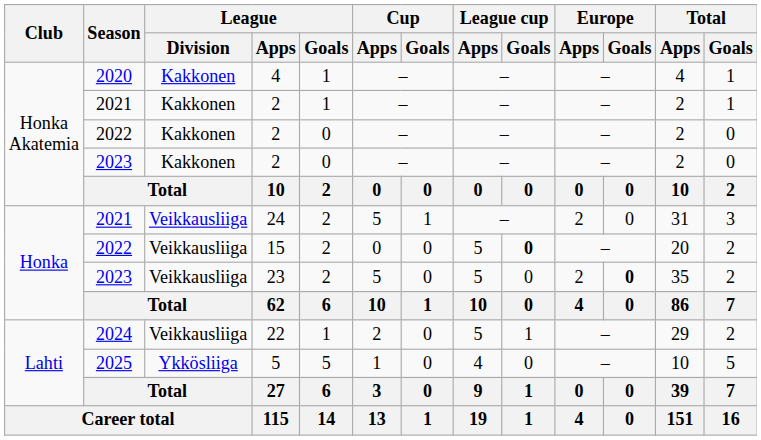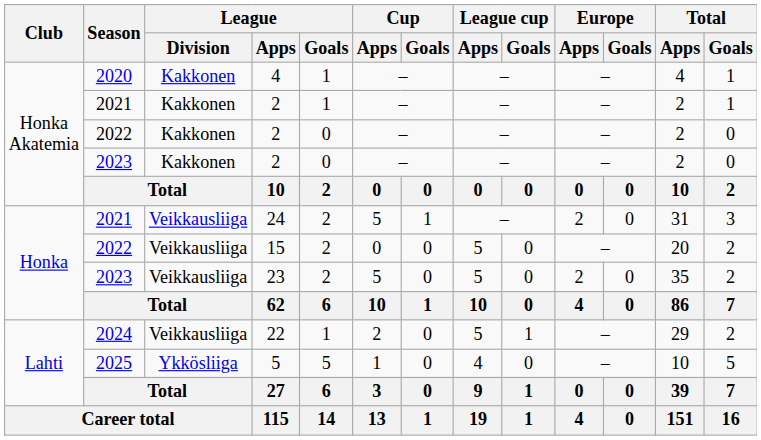 <table class="wikitable" style="text-align:center">
 <tr>
 <th rowspan="2">Club</th>
 <th rowspan="2">Season</th>
 <th colspan="3">League</th>
 <th colspan="2">Cup</th>
 <th colspan="2">League cup</th>
 <th colspan="2">Europe</th>
 <th colspan="2">Total</th>
 </tr>
 <tr>
 <th>Division</th>
 <th>Apps</th>
 <th>Goals</th>
 <th>Apps</th>
 <th>Goals</th>
 <th>Apps</th>
 <th>Goals</th>
 <th>Apps</th>
 <th>Goals</th>
 <th>Apps</th>
 <th>Goals</th>
 </tr>
 <tr>
 <td rowspan=5>Honka Akatemia</td>
 <td><a href='#'>2020</a></td>
 <td><a href='#'>Kakkonen</a></td>
 <td>4</td>
 <td>1</td>
 <td colspan=2>–</td>
 <td colspan=2>–</td>
 <td colspan=2>–</td>
 <td>4</td>
 <td>1</td>
 </tr>
 <tr>
 <td>2021</td>
 <td>Kakkonen</td>
 <td>2</td>
 <td>1</td>
 <td colspan=2>–</td>
 <td colspan=2>–</td>
 <td colspan=2>–</td>
 <td>2</td>
 <td>1</td>
 </tr>
 <tr>
 <td>2022</td>
 <td>Kakkonen</td>
 <td>2</td>
 <td>0</td>
 <td colspan=2>–</td>
 <td colspan=2>–</td>
 <td colspan=2>–</td>
 <td>2</td>
 <td>0</td>
 </tr>
 <tr>
 <td><a href='#'>2023</a></td>
 <td>Kakkonen</td>
 <td>2</td>
 <td>0</td>
 <td colspan=2>–</td>
 <td colspan=2>–</td>
 <td colspan=2>–</td>
 <td>2</td>
 <td>0</td>
 </tr>
 <tr>
 <th colspan=2>Total</th>
 <th>10</th>
 <th>2</th>
 <th>0</th>
 <th>0</th>
 <th>0</th>
 <th>0</th>
 <th>0</th>
 <th>0</th>
 <th>10</th>
 <th>2</th>
 </tr>
 <tr>
 <td rowspan=4><a href='#'>Honka</a></td>
 <td><a href='#'>2021</a></td>
 <td><a href='#'>Veikkausliiga</a></td>
 <td>24</td>
 <td>2</td>
 <td>5</td>
 <td>1</td>
 <td colspan=2>–</td>
 <td>2</td>
 <td>0</td>
 <td>31</td>
 <td>3</td>
 </tr>
 <tr>
 <td><a href='#'>2022</a></td>
 <td>Veikkausliiga</td>
 <td>15</td>
 <td>2</td>
 <td>0</td>
 <td>0</td>
 <td>5</td>
-<td><strong>0</strong></td>
+<td>0</td>
 <td colspan=2>–</td>
 <td>20</td>
 <td>2</td>
 </tr>
 <tr>
 <td><a href='#'>2023</a></td>
 <td>Veikkausliiga</td>
 <td>23</td>
 <td>2</td>
 <td>5</td>
 <td>0</td>
 <td>5</td>
 <td>0</td>
 <td>2</td>
-<td><strong>0</strong></td>
+<td>0</td>
 <td>35</td>
 <td>2</td>
 </tr>
 <tr>
 <th colspan=2>Total</th>
 <th>62</th>
 <th>6</th>
 <th>10</th>
 <th>1</th>
 <th>10</th>
 <th>0</th>
 <th>4</th>
 <th>0</th>
 <th>86</th>
 <th>7</th>
 </tr>
 <tr>
 <td rowspan=3><a href='#'>Lahti</a></td>
 <td><a href='#'>2024</a></td>
 <td>Veikkausliiga</td>
 <td>22</td>
 <td>1</td>
 <td>2</td>
 <td>0</td>
 <td>5</td>
 <td>1</td>
 <td colspan=2>–</td>
 <td>29</td>
 <td>2</td>
 </tr>
 <tr>
 <td><a href='#'>2025</a></td>
 <td><a href='#'>Ykkösliiga</a></td>
 <td>5</td>
 <td>5</td>
 <td>1</td>
 <td>0</td>
 <td>4</td>
 <td>0</td>
 <td colspan=2>–</td>
 <td>10</td>
 <td>5</td>
 </tr>
 <tr>
 <th colspan=2>Total</th>
 <th>27</th>
 <th>6</th>
 <th>3</th>
 <th>0</th>
 <th>9</th>
 <th>1</th>
 <th>0</th>
 <th>0</th>
 <th>39</th>
 <th>7</th>
 </tr>
 <tr>
 <th colspan="3">Career total</th>
 <th>115</th>
 <th>14</th>
 <th>13</th>
 <th>1</th>
 <th>19</th>
 <th>1</th>
 <th>4</th>
 <th>0</th>
 <th>151</th>
 <th>16</th>
 </tr>
 </table>
